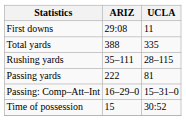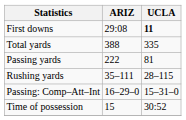 <table class="wikitable" style="float: left;">
 <tr>
 <th>Statistics</th>
 <th>ARIZ</th>
 <th>UCLA</th>
 </tr>
 <tr>
 <td>First downs</td>
 <td>29:08</td>
-<td>11</td>
+<td><strong>11</strong></td>
 </tr>
 <tr>
 <td>Total yards</td>
 <td>388</td>
 <td>335</td>
 </tr>
 <tr>
+<td>Passing yards</td>
+<td>222</td>
+<td>81</td>
+</tr>
+<tr>
 <td>Rushing yards</td>
 <td>35–111</td>
 <td>28–115</td>
-</tr>
-<tr>
-<td>Passing yards</td>
-<td>222</td>
-<td>81</td>
 </tr>
 <tr>
 <td>Passing: Comp–Att–Int</td>
 <td>16–29–0</td>
 <td>15–31–0</td>
 </tr>
 <tr>
 <td>Time of possession</td>
 <td>15</td>
 <td>30:52</td>
 </tr>
 <tr>
 </tr>
 </table>
